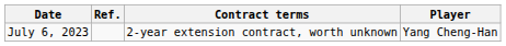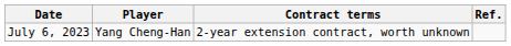 <table class="wikitable">
 <tr>
 <th>Date</th>
+<th>Player</th>
+<th>Contract terms</th>
 <th>Ref.</th>
-<th>Contract terms</th>
-<th>Player</th>
 </tr>
 <tr>
 <td>July 6, 2023</td>
+<td>Yang Cheng-Han</td>
+<td>2-year extension contract, worth unknown</td>
 <td></td>
-<td>2-year extension contract, worth unknown</td>
-<td>Yang Cheng-Han</td>
 </tr>
 </table>
